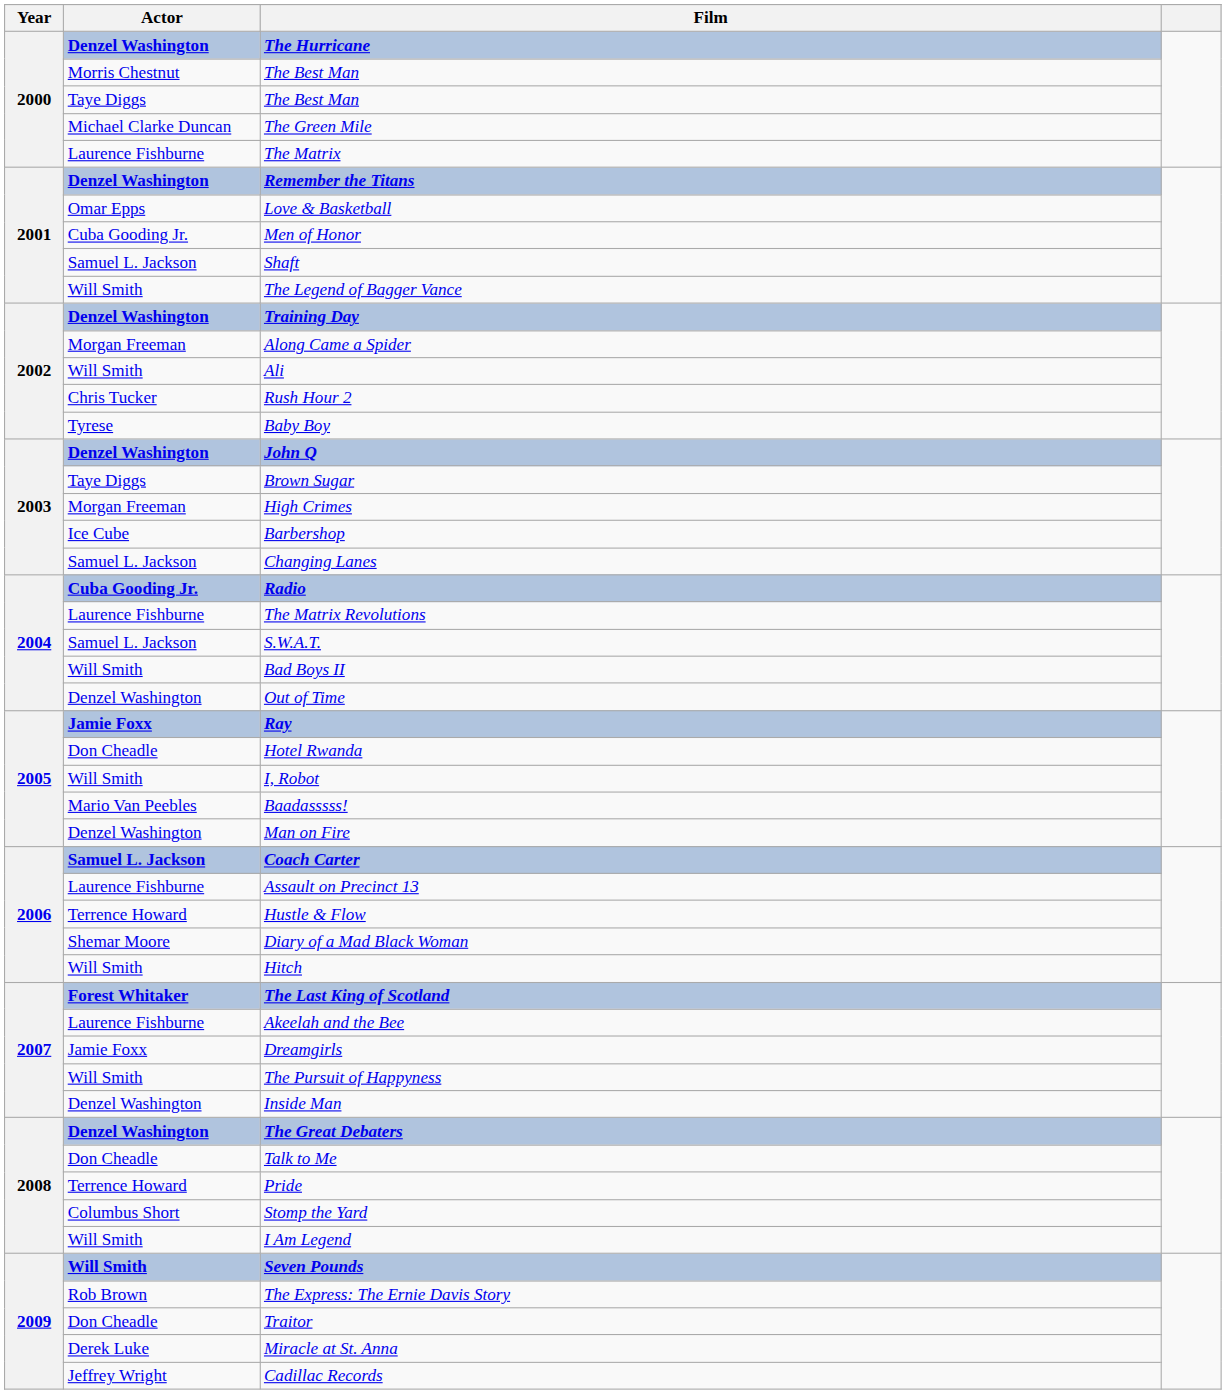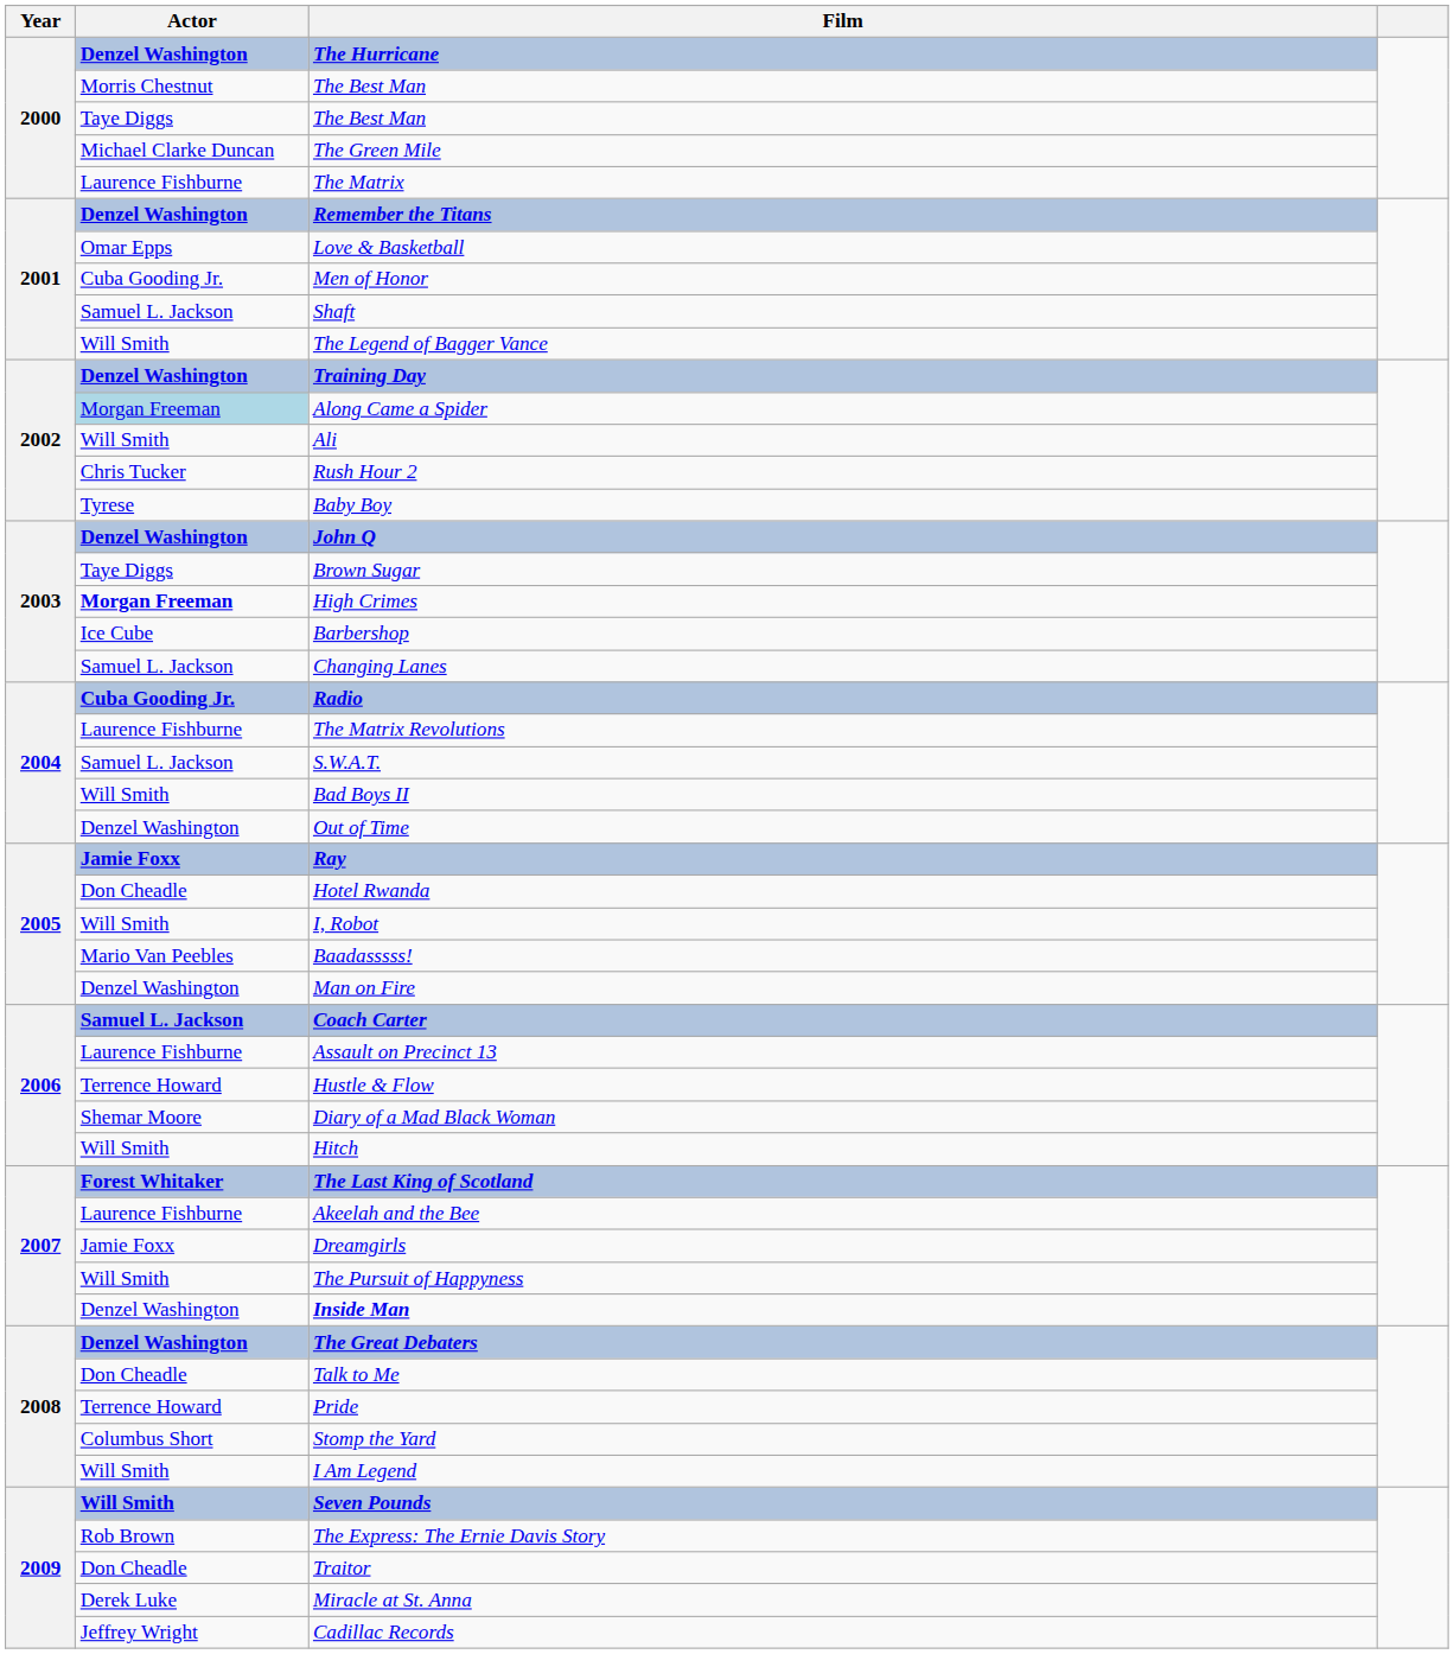 <table class="wikitable" style="width:90%;">
 <tr style="background:#bebebe;">
 <th scope="col" style="width:3em;">Year</th>
 <th scope="col" style="width:11em;">Actor</th>
 <th scope="col">Film</th>
 <th scope="col" style="width:3em;"></th>
 </tr>
 <tr>
 <th scope="row" rowspan="5" style="text-align:center;">2000</th>
 <td style="background:#B0C4DE; font-weight:bold;"><a href='#'>Denzel Washington</a></td>
 <td style="background:#B0C4DE; font-weight:bold;"><em><a href='#'>The Hurricane</a></em></td>
 <td rowspan="5" style="text-align:center;"></td>
 </tr>
 <tr>
 <td><a href='#'>Morris Chestnut</a></td>
 <td><em><a href='#'>The Best Man</a></em></td>
 </tr>
 <tr>
 <td><a href='#'>Taye Diggs</a></td>
 <td><em><a href='#'>The Best Man</a></em></td>
 </tr>
 <tr>
 <td><a href='#'>Michael Clarke Duncan</a></td>
 <td><em><a href='#'>The Green Mile</a></em></td>
 </tr>
 <tr>
 <td><a href='#'>Laurence Fishburne</a></td>
 <td><em><a href='#'>The Matrix</a></em></td>
 </tr>
 <tr>
 <th scope="row" rowspan="5" style="text-align:center;">2001</th>
 <td style="background:#B0C4DE; font-weight:bold;"><a href='#'>Denzel Washington</a></td>
 <td style="background:#B0C4DE; font-weight:bold;"><em><a href='#'>Remember the Titans</a></em></td>
 <td rowspan="5" style="text-align:center;"></td>
 </tr>
 <tr>
 <td><a href='#'>Omar Epps</a></td>
 <td><em><a href='#'>Love & Basketball</a></em></td>
 </tr>
 <tr>
 <td><a href='#'>Cuba Gooding Jr.</a></td>
 <td><em><a href='#'>Men of Honor</a></em></td>
 </tr>
 <tr>
 <td><a href='#'>Samuel L. Jackson</a></td>
 <td><em><a href='#'>Shaft</a></em></td>
 </tr>
 <tr>
 <td><a href='#'>Will Smith</a></td>
 <td><em><a href='#'>The Legend of Bagger Vance</a></em></td>
 </tr>
 <tr>
 <th scope="row" rowspan="5" style="text-align:center;">2002</th>
 <td style="background:#B0C4DE; font-weight:bold;"><a href='#'>Denzel Washington</a></td>
 <td style="background:#B0C4DE; font-weight:bold;"><em><a href='#'>Training Day</a></em></td>
 <td rowspan="5" style="text-align:center;"></td>
 </tr>
 <tr>
-<td><a href='#'>Morgan Freeman</a></td>
+<td style="background: lightblue;"><a href='#'>Morgan Freeman</a></td>
 <td><em><a href='#'>Along Came a Spider</a></em></td>
 </tr>
 <tr>
 <td><a href='#'>Will Smith</a></td>
 <td><em><a href='#'>Ali</a></em></td>
 </tr>
 <tr>
 <td><a href='#'>Chris Tucker</a></td>
 <td><em><a href='#'>Rush Hour 2</a></em></td>
 </tr>
 <tr>
 <td><a href='#'>Tyrese</a></td>
 <td><em><a href='#'>Baby Boy</a></em></td>
 </tr>
 <tr>
 <th scope="row" rowspan="5" style="text-align:center;">2003</th>
 <td style="background:#B0C4DE; font-weight:bold;"><a href='#'>Denzel Washington</a></td>
 <td style="background:#B0C4DE; font-weight:bold;"><em><a href='#'>John Q</a></em></td>
 <td rowspan="5" style="text-align:center;"></td>
 </tr>
 <tr>
 <td><a href='#'>Taye Diggs</a></td>
 <td><em><a href='#'>Brown Sugar</a></em></td>
 </tr>
 <tr>
-<td><a href='#'>Morgan Freeman</a></td>
+<td><strong><a href='#'>Morgan Freeman</a></strong></td>
 <td><em><a href='#'>High Crimes</a></em></td>
 </tr>
 <tr>
 <td><a href='#'>Ice Cube</a></td>
 <td><em><a href='#'>Barbershop</a></em></td>
 </tr>
 <tr>
 <td><a href='#'>Samuel L. Jackson</a></td>
 <td><em><a href='#'>Changing Lanes</a></em></td>
 </tr>
 <tr>
 <th scope="row" rowspan="5" style="text-align:center;"><a href='#'>2004</a></th>
 <td style="background:#B0C4DE; font-weight:bold;"><a href='#'>Cuba Gooding Jr.</a></td>
 <td style="background:#B0C4DE; font-weight:bold;"><em><a href='#'>Radio</a></em></td>
 <td rowspan="5" style="text-align:center;"></td>
 </tr>
 <tr>
 <td><a href='#'>Laurence Fishburne</a></td>
 <td><em><a href='#'>The Matrix Revolutions</a></em></td>
 </tr>
 <tr>
 <td><a href='#'>Samuel L. Jackson</a></td>
 <td><em><a href='#'>S.W.A.T.</a></em></td>
 </tr>
 <tr>
 <td><a href='#'>Will Smith</a></td>
 <td><em><a href='#'>Bad Boys II</a></em></td>
 </tr>
 <tr>
 <td><a href='#'>Denzel Washington</a></td>
 <td><em><a href='#'>Out of Time</a></em></td>
 </tr>
 <tr>
 <th scope="row" rowspan="5" style="text-align:center;"><a href='#'>2005</a></th>
 <td style="background:#B0C4DE; font-weight:bold;"><a href='#'>Jamie Foxx</a></td>
 <td style="background:#B0C4DE; font-weight:bold;"><em><a href='#'>Ray</a></em></td>
 <td rowspan="5" style="text-align:center;"></td>
 </tr>
 <tr>
 <td><a href='#'>Don Cheadle</a></td>
 <td><em><a href='#'>Hotel Rwanda</a></em></td>
 </tr>
 <tr>
 <td><a href='#'>Will Smith</a></td>
 <td><em><a href='#'>I, Robot</a></em></td>
 </tr>
 <tr>
 <td><a href='#'>Mario Van Peebles</a></td>
 <td><em><a href='#'>Baadasssss!</a></em></td>
 </tr>
 <tr>
 <td><a href='#'>Denzel Washington</a></td>
 <td><em><a href='#'>Man on Fire</a></em></td>
 </tr>
 <tr>
 <th scope="row" rowspan="5" style="text-align:center;"><a href='#'>2006</a></th>
 <td style="background:#B0C4DE; font-weight:bold;"><a href='#'>Samuel L. Jackson</a></td>
 <td style="background:#B0C4DE; font-weight:bold;"><em><a href='#'>Coach Carter</a></em></td>
 <td rowspan="5" style="text-align:center;"></td>
 </tr>
 <tr>
 <td><a href='#'>Laurence Fishburne</a></td>
 <td><em><a href='#'>Assault on Precinct 13</a></em></td>
 </tr>
 <tr>
 <td><a href='#'>Terrence Howard</a></td>
 <td><em><a href='#'>Hustle & Flow</a></em></td>
 </tr>
 <tr>
 <td><a href='#'>Shemar Moore</a></td>
 <td><em><a href='#'>Diary of a Mad Black Woman</a></em></td>
 </tr>
 <tr>
 <td><a href='#'>Will Smith</a></td>
 <td><em><a href='#'>Hitch</a></em></td>
 </tr>
 <tr>
 <th scope="row" rowspan="5" style="text-align:center;"><a href='#'>2007</a></th>
 <td style="background:#B0C4DE; font-weight:bold;"><a href='#'>Forest Whitaker</a></td>
 <td style="background:#B0C4DE; font-weight:bold;"><em><a href='#'>The Last King of Scotland</a></em></td>
 <td rowspan="5" style="text-align:center;"></td>
 </tr>
 <tr>
 <td><a href='#'>Laurence Fishburne</a></td>
 <td><em><a href='#'>Akeelah and the Bee</a></em></td>
 </tr>
 <tr>
 <td><a href='#'>Jamie Foxx</a></td>
 <td><em><a href='#'>Dreamgirls</a></em></td>
 </tr>
 <tr>
 <td><a href='#'>Will Smith</a></td>
 <td><em><a href='#'>The Pursuit of Happyness</a></em></td>
 </tr>
 <tr>
 <td><a href='#'>Denzel Washington</a></td>
-<td><em><a href='#'>Inside Man</a></em></td>
+<td><strong><em><a href='#'>Inside Man</a></em></strong></td>
 </tr>
 <tr>
 <th scope="row" rowspan="5" style="text-align:center;">2008</th>
 <td style="background:#B0C4DE; font-weight:bold;"><a href='#'>Denzel Washington</a></td>
 <td style="background:#B0C4DE; font-weight:bold;"><em><a href='#'>The Great Debaters</a></em></td>
 <td rowspan="5" style="text-align:center;"></td>
 </tr>
 <tr>
 <td><a href='#'>Don Cheadle</a></td>
 <td><em><a href='#'>Talk to Me</a></em></td>
 </tr>
 <tr>
 <td><a href='#'>Terrence Howard</a></td>
 <td><em><a href='#'>Pride</a></em></td>
 </tr>
 <tr>
 <td><a href='#'>Columbus Short</a></td>
 <td><em><a href='#'>Stomp the Yard</a></em></td>
 </tr>
 <tr>
 <td><a href='#'>Will Smith</a></td>
 <td><em><a href='#'>I Am Legend</a></em></td>
 </tr>
 <tr>
 <th scope="row" rowspan="5" style="text-align:center;"><a href='#'>2009</a></th>
 <td style="background:#B0C4DE; font-weight:bold;"><a href='#'>Will Smith</a></td>
 <td style="background:#B0C4DE; font-weight:bold;"><em><a href='#'>Seven Pounds</a></em></td>
 <td rowspan="5" style="text-align:center;"></td>
 </tr>
 <tr>
 <td><a href='#'>Rob Brown</a></td>
 <td><em><a href='#'>The Express: The Ernie Davis Story</a></em></td>
 </tr>
 <tr>
 <td><a href='#'>Don Cheadle</a></td>
 <td><em><a href='#'>Traitor</a></em></td>
 </tr>
 <tr>
 <td><a href='#'>Derek Luke</a></td>
 <td><em><a href='#'>Miracle at St. Anna</a></em></td>
 </tr>
 <tr>
 <td><a href='#'>Jeffrey Wright</a></td>
 <td><em><a href='#'>Cadillac Records</a></em></td>
 </tr>
 </table>
